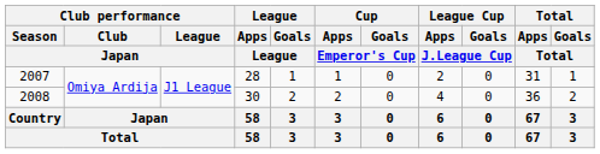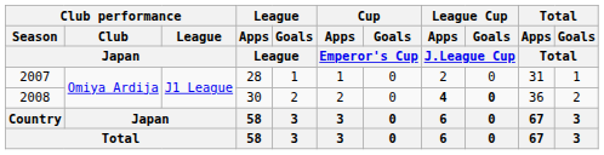 <table class="wikitable" style="text-align:center;">
 <tr>
 <th colspan=3>Club performance</th>
 <th colspan=2>League</th>
 <th colspan=2>Cup</th>
 <th colspan=2>League Cup</th>
 <th colspan=2>Total</th>
 </tr>
 <tr>
 <th>Season</th>
 <th>Club</th>
 <th>League</th>
 <th>Apps</th>
 <th>Goals</th>
 <th>Apps</th>
 <th>Goals</th>
 <th>Apps</th>
 <th>Goals</th>
 <th>Apps</th>
 <th>Goals</th>
 </tr>
 <tr>
 <th colspan=3>Japan</th>
 <th colspan=2>League</th>
 <th colspan=2><a href='#'>Emperor's Cup</a></th>
 <th colspan=2><a href='#'>J.League Cup</a></th>
 <th colspan=2>Total</th>
 </tr>
 <tr>
 <td>2007</td>
 <td rowspan="2"><a href='#'>Omiya Ardija</a></td>
 <td rowspan="2"><a href='#'>J1 League</a></td>
 <td>28</td>
 <td>1</td>
 <td>1</td>
 <td>0</td>
 <td>2</td>
 <td>0</td>
 <td>31</td>
 <td>1</td>
 </tr>
 <tr>
 <td>2008</td>
 <td>30</td>
 <td>2</td>
 <td>2</td>
 <td>0</td>
-<td>4</td>
-<td>0</td>
+<td><strong>4</strong></td>
+<td><strong>0</strong></td>
 <td>36</td>
 <td>2</td>
 </tr>
 <tr>
 <th rowspan=1>Country</th>
 <th colspan=2>Japan</th>
 <th>58</th>
 <th>3</th>
 <th>3</th>
 <th>0</th>
 <th>6</th>
 <th>0</th>
 <th>67</th>
 <th>3</th>
 </tr>
 <tr>
 <th colspan=3>Total</th>
 <th>58</th>
 <th>3</th>
 <th>3</th>
 <th>0</th>
 <th>6</th>
 <th>0</th>
 <th>67</th>
 <th>3</th>
 </tr>
 </table>
